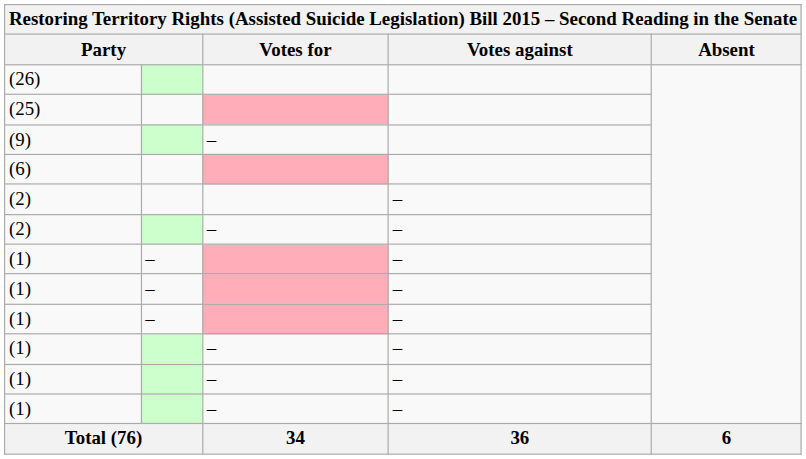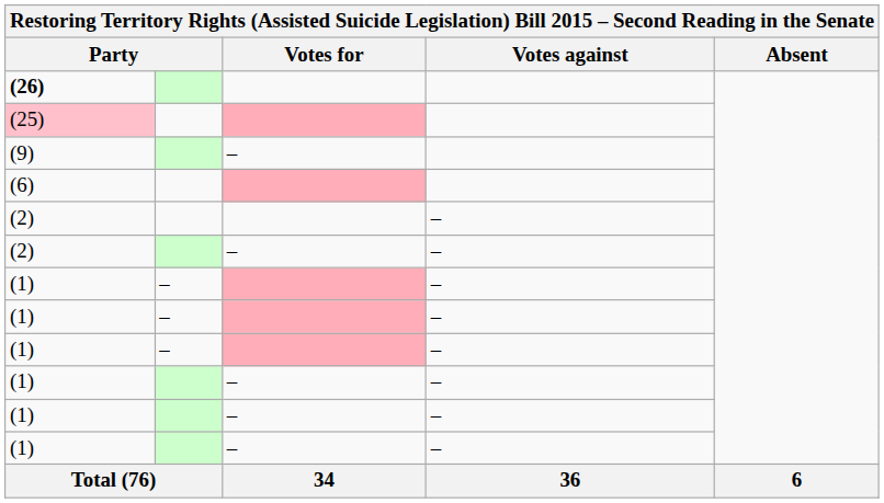 <table class="wikitable mw-collapsible mw-collapsed">
 <tr>
 <th colspan="5">Restoring Territory Rights (Assisted Suicide Legislation) Bill 2015 – Second Reading in the Senate</th>
 </tr>
 <tr>
 <th colspan="2">Party</th>
 <th>Votes for</th>
 <th>Votes against</th>
 <th>Absent</th>
 </tr>
 <tr>
-<td> (26)</td>
+<td><strong> (26)</strong></td>
 <td style="background-color:#CCFFCC;"></td>
 <td></td>
 <td></td>
 </tr>
 <tr>
-<td> (25)</td>
+<td style="background: pink;"> (25)</td>
 <td></td>
 <td style="background-color:#FFAEB9;"></td>
 <td></td>
 </tr>
 <tr>
 <td> (9)</td>
 <td style="background-color:#CCFFCC;"></td>
 <td>–</td>
 <td></td>
 </tr>
 <tr>
 <td> (6)</td>
 <td></td>
 <td style="background-color:#FFAEB9;"></td>
 <td></td>
 </tr>
 <tr>
 <td> (2)</td>
 <td></td>
 <td></td>
 <td>–</td>
 </tr>
 <tr>
 <td> (2)</td>
 <td style="background-color:#CCFFCC;"></td>
 <td>–</td>
 <td>–</td>
 </tr>
 <tr>
 <td> (1)</td>
 <td>–</td>
 <td style="background-color:#FFAEB9;"></td>
 <td>–</td>
 </tr>
 <tr>
 <td> (1)</td>
 <td>–</td>
 <td style="background-color:#FFAEB9;"></td>
 <td>–</td>
 </tr>
 <tr>
 <td> (1)</td>
 <td>–</td>
 <td style="background-color:#FFAEB9;"></td>
 <td>–</td>
 </tr>
 <tr>
 <td> (1)</td>
 <td style="background-color:#CCFFCC;"></td>
 <td>–</td>
 <td>–</td>
 </tr>
 <tr>
 <td> (1)</td>
 <td style="background-color:#CCFFCC;"></td>
 <td>–</td>
 <td>–</td>
 </tr>
 <tr>
 <td> (1)</td>
 <td style="background-color:#CCFFCC;"></td>
 <td>–</td>
 <td>–</td>
 </tr>
 <tr>
 <th colspan=2>Total (76)</th>
 <th>34</th>
 <th>36</th>
 <th>6</th>
 </tr>
 </table>
